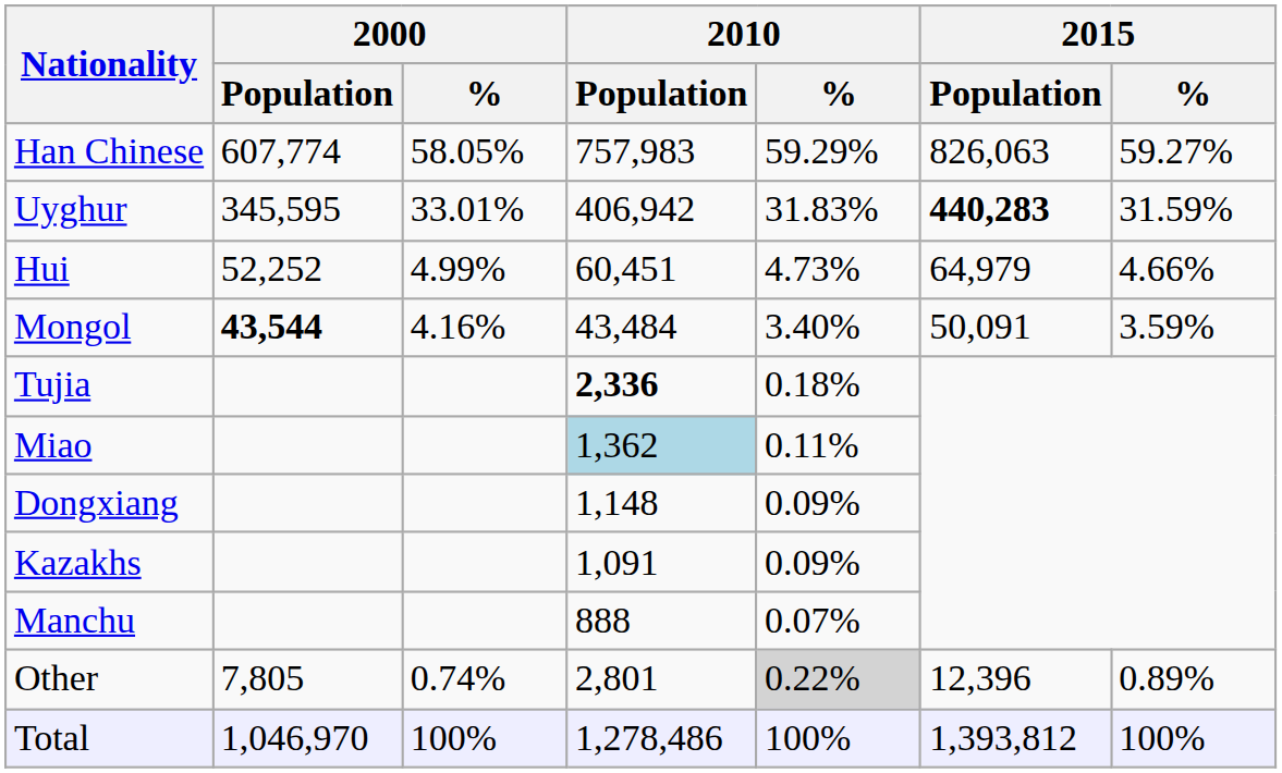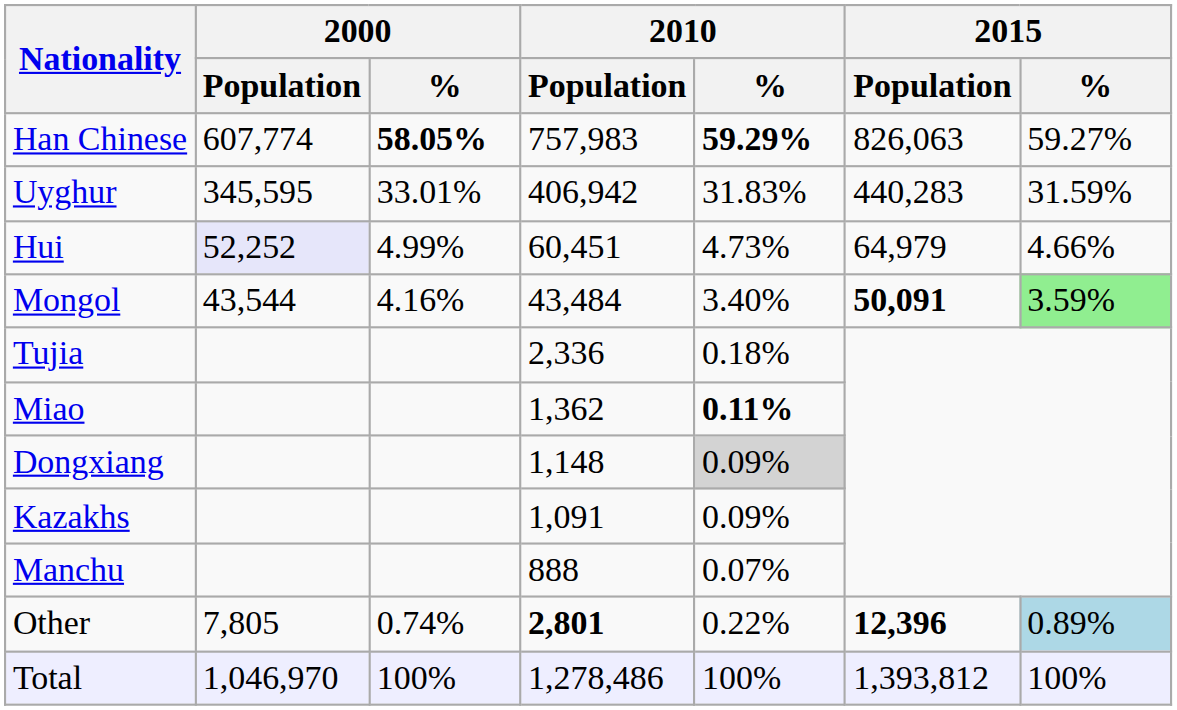 <table class="wikitable">
 <tr style="background:#eee;">
 <th rowspan="2"><a href='#'>Nationality</a></th>
 <th colspan="2">2000</th>
 <th colspan="2">2010</th>
 <th colspan="2">2015</th>
 </tr>
 <tr style="background:#eee;">
 <th>Population</th>
 <th style="width:4em;">%</th>
 <th>Population</th>
 <th style="width:4em;">%</th>
 <th>Population</th>
 <th style="width:4em;">%</th>
 </tr>
 <tr>
 <td><a href='#'>Han Chinese</a></td>
 <td>607,774</td>
-<td>58.05%</td>
+<td><strong>58.05%</strong></td>
 <td>757,983</td>
-<td>59.29%</td>
+<td><strong>59.29%</strong></td>
 <td>826,063</td>
 <td>59.27%</td>
 </tr>
 <tr>
 <td><a href='#'>Uyghur</a></td>
 <td>345,595</td>
 <td>33.01%</td>
 <td>406,942</td>
 <td>31.83%</td>
-<td><strong>440,283</strong></td>
+<td>440,283</td>
 <td>31.59%</td>
 </tr>
 <tr>
 <td><a href='#'>Hui</a></td>
-<td>52,252</td>
+<td style="background: lavender;">52,252</td>
 <td>4.99%</td>
 <td>60,451</td>
 <td>4.73%</td>
 <td>64,979</td>
 <td>4.66%</td>
 </tr>
 <tr>
 <td><a href='#'>Mongol</a></td>
-<td><strong>43,544</strong></td>
+<td>43,544</td>
 <td>4.16%</td>
 <td>43,484</td>
 <td>3.40%</td>
-<td>50,091</td>
-<td>3.59%</td>
+<td><strong>50,091</strong></td>
+<td style="background: lightgreen;">3.59%</td>
 </tr>
 <tr>
 <td><a href='#'>Tujia</a></td>
 <td></td>
 <td></td>
-<td><strong>2,336</strong></td>
+<td>2,336</td>
 <td>0.18%</td>
 </tr>
 <tr>
 <td><a href='#'>Miao</a></td>
 <td></td>
 <td></td>
-<td style="background: lightblue;">1,362</td>
-<td>0.11%</td>
+<td>1,362</td>
+<td><strong>0.11%</strong></td>
 </tr>
 <tr>
 <td><a href='#'>Dongxiang</a></td>
 <td></td>
 <td></td>
 <td>1,148</td>
-<td>0.09%</td>
+<td style="background: lightgrey;">0.09%</td>
 </tr>
 <tr>
 <td><a href='#'>Kazakhs</a></td>
 <td></td>
 <td></td>
 <td>1,091</td>
 <td>0.09%</td>
 </tr>
 <tr>
 <td><a href='#'>Manchu</a></td>
 <td></td>
 <td></td>
 <td>888</td>
 <td>0.07%</td>
 </tr>
 <tr>
 <td>Other</td>
 <td>7,805</td>
 <td>0.74%</td>
-<td>2,801</td>
-<td style="background: lightgrey;">0.22%</td>
-<td>12,396</td>
-<td>0.89%</td>
+<td><strong>2,801</strong></td>
+<td>0.22%</td>
+<td><strong>12,396</strong></td>
+<td style="background: lightblue;">0.89%</td>
 </tr>
 <tr style="background:#EEF">
 <td>Total</td>
 <td>1,046,970</td>
 <td>100%</td>
 <td>1,278,486</td>
 <td>100%</td>
 <td>1,393,812</td>
 <td>100%</td>
 </tr>
 </table>
